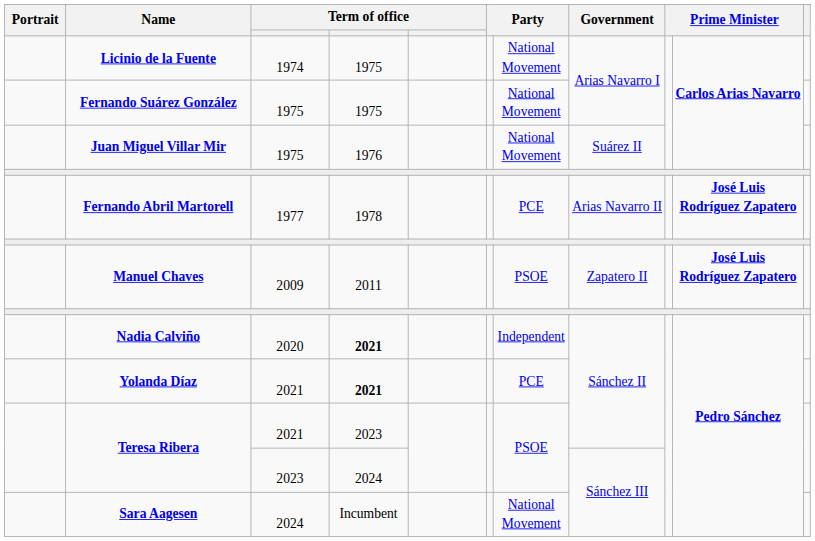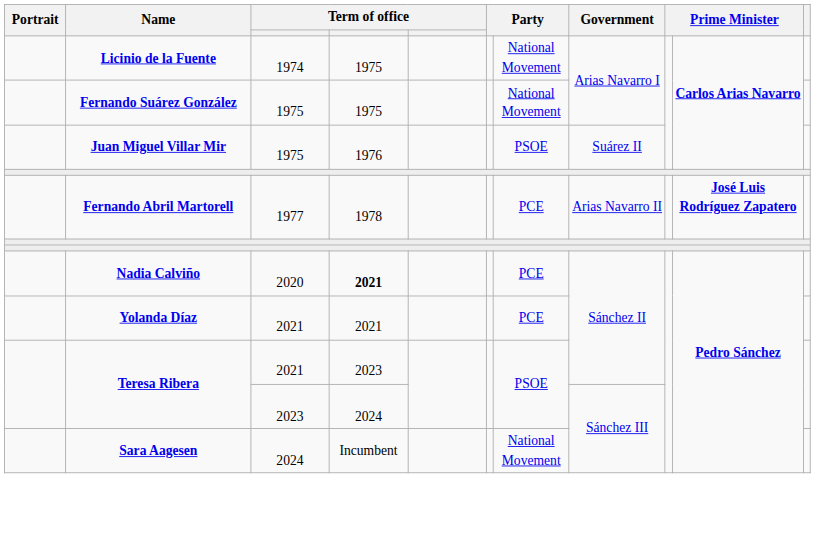 <table class="wikitable" style="line-height:1.4em; text-align:center; border:1px #aaf solid;">
 <tr>
 <th rowspan="2" width="65">Portrait</th>
 <th rowspan="2" width="210">Name<br></th>
 <th colspan="3">Term of office</th>
 <th rowspan="2" colspan="2" width="90">Party</th>
 <th rowspan="2">Government</th>
 <th rowspan="2" colspan="2"><a href='#'>Prime Minister</a><br></th>
 <th rowspan="2"></th>
 </tr>
 <tr>
 <th width="85"></th>
 <th width="85"></th>
 <th width="85"></th>
 </tr>
 <tr>
 <td></td>
 <td><strong><a href='#'>Licinio de la Fuente</a></strong><br></td>
 <td class="nowrap"><br>1974</td>
 <td class="nowrap"><br>1975</td>
 <td style="font-size:95%;"></td>
 <td width="1" style="color:inherit;background:"></td>
 <td><a href='#'>National<br>Movement</a><br></td>
 <td rowspan="2"><a href='#'>Arias Navarro I</a></td>
 <td width="1" rowspan="3" style="background:"></td>
 <td rowspan="3"><strong><a href='#'>Carlos Arias Navarro</a></strong><br><br></td>
 <td align="center"><br></td>
 </tr>
 <tr>
 <td></td>
 <td><strong><a href='#'>Fernando Suárez González</a></strong><br></td>
 <td class="nowrap"><br>1975</td>
 <td class="nowrap"><br>1975</td>
 <td style="font-size:95%;"></td>
 <td style="color:inherit;background:"></td>
 <td><a href='#'>National<br>Movement</a><br></td>
 <td align="center"><br></td>
 </tr>
 <tr>
 <td></td>
 <td><strong><a href='#'>Juan Miguel Villar Mir</a></strong><br></td>
 <td class="nowrap"><br>1975</td>
 <td class="nowrap"><br>1976</td>
 <td style="font-size:95%;"></td>
 <td style="color:inherit;background:"></td>
-<td><a href='#'>National<br>Movement</a><br></td>
+<td><a href='#'>PSOE</a></td>
 <td><a href='#'>Suárez II</a></td>
 <td align="center"></td>
 </tr>
 <tr>
 <td colspan="11" style="background:#EEEEEE;"></td>
 </tr>
 <tr>
 <td></td>
 <td><strong><a href='#'>Fernando Abril Martorell</a></strong><br></td>
 <td class="nowrap"><br>1977</td>
 <td class="nowrap"><br>1978</td>
 <td style="font-size:95%;"></td>
 <td style="color:inherit;background-color:"></td>
 <td><a href='#'>PCE</a></td>
 <td><a href='#'>Arias Navarro II</a></td>
 <td style="color:inherit;background:"></td>
 <td><strong><a href='#'>José Luis<br>Rodríguez Zapatero</a></strong><br><br></td>
 <td align="center"><br></td>
 </tr>
 <tr>
 <td colspan="11" style="background:#EEEEEE;"></td>
 </tr>
 <tr>
-<td></td>
-<td><strong><a href='#'>Manuel Chaves</a></strong><br></td>
-<td class="nowrap"><br>2009</td>
-<td class="nowrap"><br>2011</td>
-<td style="font-size:95%;"></td>
-<td style="color:inherit;background:"></td>
-<td><a href='#'>PSOE</a></td>
-<td><a href='#'>Zapatero II</a></td>
-<td style="color:inherit;background:"></td>
-<td><strong><a href='#'>José Luis<br>Rodríguez Zapatero</a></strong><br><br></td>
-<td align="center"><br></td>
-</tr>
-<tr>
 <td colspan="11" style="background:#EEEEEE;"></td>
 </tr>
 <tr>
 <td></td>
 <td><strong><a href='#'>Nadia Calviño</a></strong><br></td>
 <td class="nowrap"><br>2020</td>
 <td class="nowrap"><strong><br>2021</strong></td>
 <td style="font-size:95%;"></td>
 <td style="color:inherit;background-color:"></td>
-<td><a href='#'>Independent</a></td>
+<td><a href='#'>PCE</a></td>
 <td rowspan="3"><a href='#'>Sánchez II</a></td>
 <td rowspan="5" style="color:inherit;background:"></td>
 <td rowspan="5"><strong><a href='#'>Pedro Sánchez</a></strong><br><br></td>
 <td align="center"><br></td>
 </tr>
 <tr>
 <td></td>
 <td><strong><a href='#'>Yolanda Díaz</a></strong><br></td>
 <td class="nowrap"><br>2021</td>
-<td class="nowrap"><strong><br>2021</strong></td>
+<td class="nowrap"><br>2021</td>
 <td style="font-size:95%;"></td>
 <td style="color:inherit;background-color:"></td>
 <td><a href='#'>PCE</a></td>
 <td align="center"><br></td>
 </tr>
 <tr>
 <td rowspan="2"></td>
 <td rowspan="2"><strong><a href='#'>Teresa Ribera</a></strong><br></td>
 <td class="nowrap"><br>2021</td>
 <td class="nowrap"><br>2023</td>
 <td rowspan="2" style="font-size:95%;"></td>
 <td rowspan="2" style="color:inherit;background-color:"></td>
 <td rowspan="2"><a href='#'>PSOE</a></td>
 <td rowspan="2" align="center"><br><br></td>
 </tr>
 <tr>
 <td class="nowrap"><br>2023</td>
 <td class="nowrap"><br>2024</td>
 <td rowspan="2"><a href='#'>Sánchez III</a></td>
 </tr>
 <tr>
 <td></td>
 <td><strong><a href='#'>Sara Aagesen</a></strong><br></td>
 <td class="nowrap"><br>2024</td>
 <td class="nowrap">Incumbent</td>
 <td style="font-size:95%;"></td>
 <td style="color:inherit;background-color:"></td>
 <td><a href='#'>National<br>Movement</a><br></td>
 <td align="center"></td>
 </tr>
 </table>
